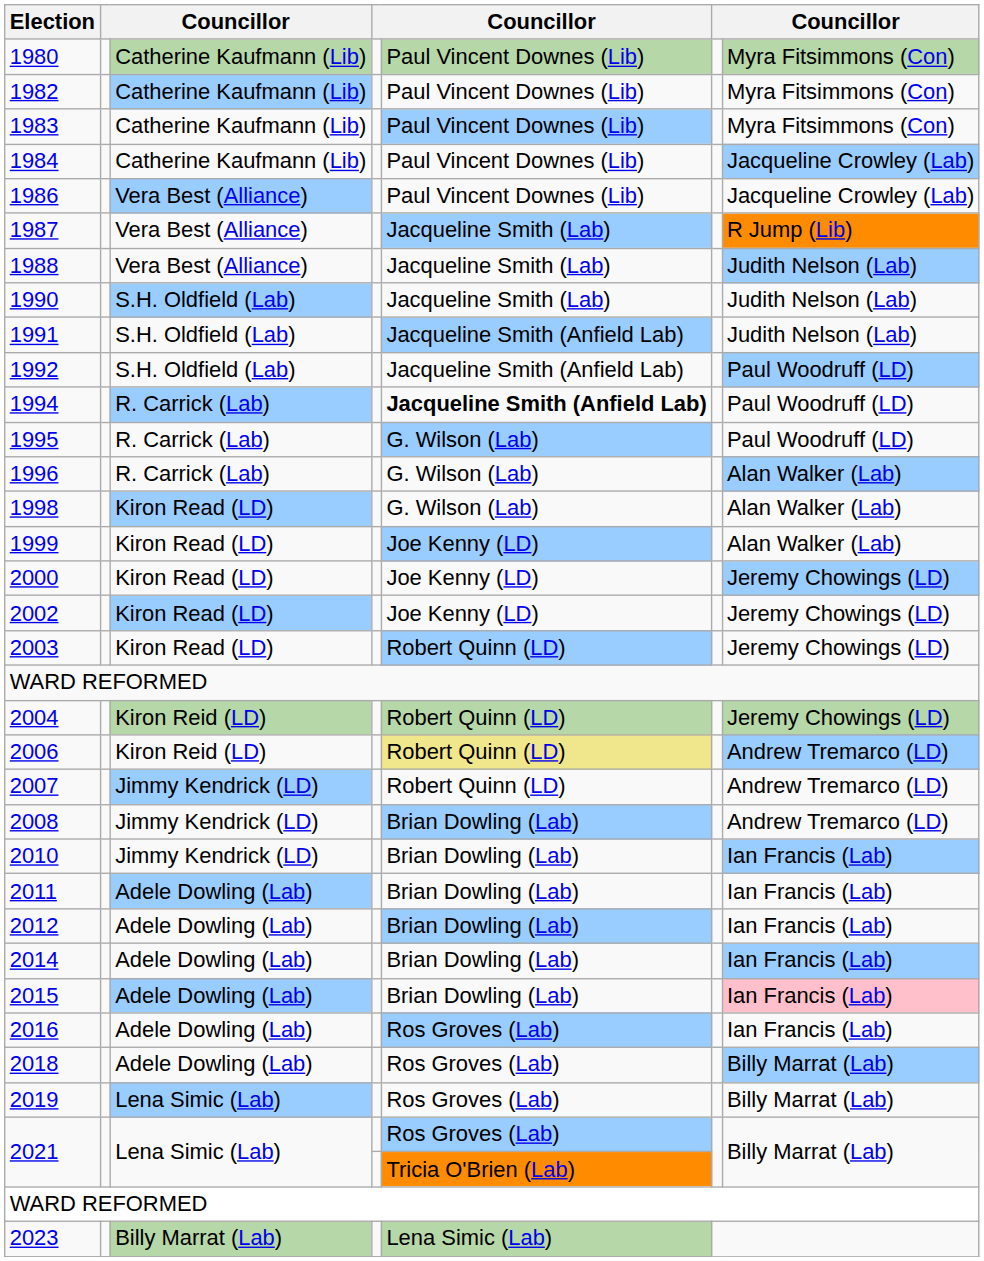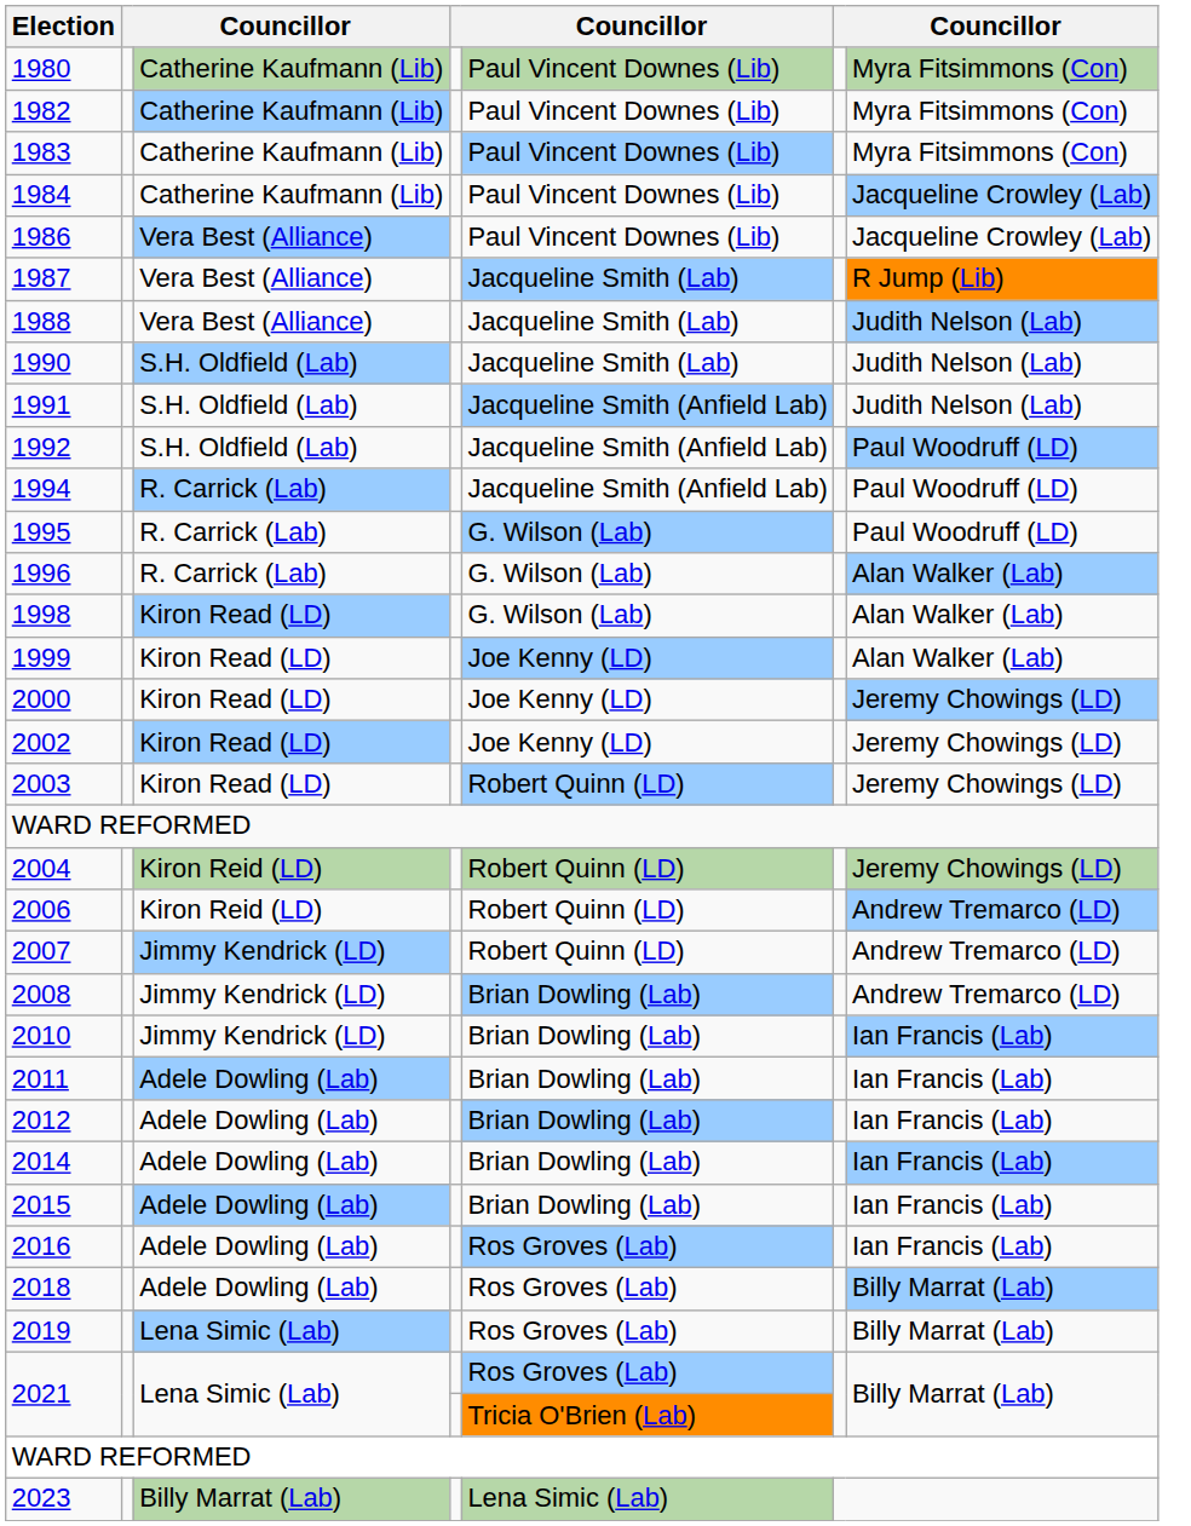 <table class="wikitable">
 <tr>
 <th>Election</th>
 <th colspan="2">Councillor</th>
 <th colspan="2">Councillor</th>
 <th colspan="2">Councillor</th>
 </tr>
 <tr>
 <td><a href='#'>1980</a></td>
 <td style="background-color: "></td>
 <td bgcolor="#B6D7A8">Catherine Kaufmann (<a href='#'>Lib</a>)</td>
 <td style="background-color: "></td>
 <td bgcolor="#B6D7A8">Paul Vincent Downes (<a href='#'>Lib</a>)</td>
 <td style="background-color: "></td>
 <td bgcolor="#B6D7A8">Myra Fitsimmons (<a href='#'>Con</a>)</td>
 </tr>
 <tr>
 <td><a href='#'>1982</a></td>
 <td style="background-color: "></td>
 <td bgcolor="#99CCFF">Catherine Kaufmann (<a href='#'>Lib</a>)</td>
 <td style="background-color: "></td>
 <td>Paul Vincent Downes (<a href='#'>Lib</a>)</td>
 <td style="background-color: "></td>
 <td>Myra Fitsimmons (<a href='#'>Con</a>)</td>
 </tr>
 <tr>
 <td><a href='#'>1983</a></td>
 <td style="background-color: "></td>
 <td>Catherine Kaufmann (<a href='#'>Lib</a>)</td>
 <td style="background-color: "></td>
 <td bgcolor="#99CCFF">Paul Vincent Downes (<a href='#'>Lib</a>)</td>
 <td style="background-color: "></td>
 <td>Myra Fitsimmons (<a href='#'>Con</a>)</td>
 </tr>
 <tr>
 <td><a href='#'>1984</a></td>
 <td style="background-color: "></td>
 <td>Catherine Kaufmann (<a href='#'>Lib</a>)</td>
 <td style="background-color: "></td>
 <td>Paul Vincent Downes (<a href='#'>Lib</a>)</td>
 <td style="background-color: "></td>
 <td bgcolor="#99CCFF">Jacqueline Crowley (<a href='#'>Lab</a>)</td>
 </tr>
 <tr>
 <td><a href='#'>1986</a></td>
 <td style="background-color: "></td>
 <td bgcolor="#99CCFF">Vera Best (<a href='#'>Alliance</a>)</td>
 <td style="background-color: "></td>
 <td>Paul Vincent Downes (<a href='#'>Lib</a>)</td>
 <td style="background-color: "></td>
 <td>Jacqueline Crowley (<a href='#'>Lab</a>)</td>
 </tr>
 <tr>
 <td><a href='#'>1987</a></td>
 <td style="background-color: "></td>
 <td>Vera Best (<a href='#'>Alliance</a>)</td>
 <td style="background-color: "></td>
 <td bgcolor="#99CCFF">Jacqueline Smith (<a href='#'>Lab</a>)</td>
 <td style="background-color: "></td>
 <td bgcolor="#FF8C00">R Jump (<a href='#'>Lib</a>)</td>
 </tr>
 <tr>
 <td><a href='#'>1988</a></td>
 <td style="background-color: "></td>
 <td>Vera Best (<a href='#'>Alliance</a>)</td>
 <td style="background-color: "></td>
 <td>Jacqueline Smith (<a href='#'>Lab</a>)</td>
 <td style="background-color: "></td>
 <td bgcolor="#99CCFF">Judith Nelson (<a href='#'>Lab</a>)</td>
 </tr>
 <tr>
 <td><a href='#'>1990</a></td>
 <td style="background-color: "></td>
 <td bgcolor="#99CCFF">S.H. Oldfield (<a href='#'>Lab</a>)</td>
 <td style="background-color: "></td>
 <td>Jacqueline Smith (<a href='#'>Lab</a>)</td>
 <td style="background-color: "></td>
 <td>Judith Nelson (<a href='#'>Lab</a>)</td>
 </tr>
 <tr>
 <td><a href='#'>1991</a></td>
 <td style="background-color: "></td>
 <td>S.H. Oldfield (<a href='#'>Lab</a>)</td>
 <td style="background-color: "></td>
 <td bgcolor="#99CCFF">Jacqueline Smith (Anfield Lab)</td>
 <td style="background-color: "></td>
 <td>Judith Nelson (<a href='#'>Lab</a>)</td>
 </tr>
 <tr>
 <td><a href='#'>1992</a></td>
 <td style="background-color: "></td>
 <td>S.H. Oldfield (<a href='#'>Lab</a>)</td>
 <td style="background-color: "></td>
 <td>Jacqueline Smith (Anfield Lab)</td>
 <td style="background-color: "></td>
 <td bgcolor="#99CCFF">Paul Woodruff (<a href='#'>LD</a>)</td>
 </tr>
 <tr>
 <td><a href='#'>1994</a></td>
 <td style="background-color: "></td>
 <td bgcolor="#99CCFF">R. Carrick (<a href='#'>Lab</a>)</td>
 <td style="background-color: "></td>
-<td><strong>Jacqueline Smith (Anfield Lab)</strong></td>
+<td>Jacqueline Smith (Anfield Lab)</td>
 <td style="background-color: "></td>
 <td>Paul Woodruff (<a href='#'>LD</a>)</td>
 </tr>
 <tr>
 <td><a href='#'>1995</a></td>
 <td style="background-color: "></td>
 <td>R. Carrick (<a href='#'>Lab</a>)</td>
 <td style="background-color: "></td>
 <td bgcolor="#99CCFF">G. Wilson (<a href='#'>Lab</a>)</td>
 <td style="background-color: "></td>
 <td>Paul Woodruff (<a href='#'>LD</a>)</td>
 </tr>
 <tr>
 <td><a href='#'>1996</a></td>
 <td style="background-color: "></td>
 <td>R. Carrick (<a href='#'>Lab</a>)</td>
 <td style="background-color: "></td>
 <td>G. Wilson (<a href='#'>Lab</a>)</td>
 <td style="background-color: "></td>
 <td bgcolor="#99CCFF">Alan Walker (<a href='#'>Lab</a>)</td>
 </tr>
 <tr>
 <td><a href='#'>1998</a></td>
 <td style="background-color: "></td>
 <td bgcolor="#99CCFF">Kiron Read (<a href='#'>LD</a>)</td>
 <td style="background-color: "></td>
 <td>G. Wilson (<a href='#'>Lab</a>)</td>
 <td style="background-color: "></td>
 <td>Alan Walker (<a href='#'>Lab</a>)</td>
 </tr>
 <tr>
 <td><a href='#'>1999</a></td>
 <td style="background-color: "></td>
 <td>Kiron Read (<a href='#'>LD</a>)</td>
 <td style="background-color: "></td>
 <td bgcolor="#99CCFF">Joe Kenny (<a href='#'>LD</a>)</td>
 <td style="background-color: "></td>
 <td>Alan Walker (<a href='#'>Lab</a>)</td>
 </tr>
 <tr>
 <td><a href='#'>2000</a></td>
 <td style="background-color: "></td>
 <td>Kiron Read (<a href='#'>LD</a>)</td>
 <td style="background-color: "></td>
 <td>Joe Kenny (<a href='#'>LD</a>)</td>
 <td style="background-color: "></td>
 <td bgcolor="#99CCFF">Jeremy Chowings (<a href='#'>LD</a>)</td>
 </tr>
 <tr>
 <td><a href='#'>2002</a></td>
 <td style="background-color: "></td>
 <td bgcolor="#99CCFF">Kiron Read (<a href='#'>LD</a>)</td>
 <td style="background-color: "></td>
 <td>Joe Kenny (<a href='#'>LD</a>)</td>
 <td style="background-color: "></td>
 <td>Jeremy Chowings (<a href='#'>LD</a>)</td>
 </tr>
 <tr>
 <td><a href='#'>2003</a></td>
 <td style="background-color: "></td>
 <td>Kiron Read (<a href='#'>LD</a>)</td>
 <td style="background-color: "></td>
 <td bgcolor="#99CCFF">Robert Quinn (<a href='#'>LD</a>)</td>
 <td style="background-color: "></td>
 <td>Jeremy Chowings (<a href='#'>LD</a>)</td>
 </tr>
 <tr>
 <td colspan="7"><div>WARD REFORMED </div></td>
 </tr>
 <tr>
 <td><a href='#'>2004</a></td>
 <td style="background-color: "></td>
 <td bgcolor="#B6D7A8">Kiron Reid (<a href='#'>LD</a>)</td>
 <td style="background-color: "></td>
 <td bgcolor="#B6D7A8">Robert Quinn (<a href='#'>LD</a>)</td>
 <td style="background-color: "></td>
 <td bgcolor="#B6D7A8">Jeremy Chowings (<a href='#'>LD</a>)</td>
 </tr>
 <tr>
 <td><a href='#'>2006</a></td>
 <td style="background-color: "></td>
 <td>Kiron Reid (<a href='#'>LD</a>)</td>
 <td style="background-color: "></td>
-<td style="background: khaki;">Robert Quinn (<a href='#'>LD</a>)</td>
+<td>Robert Quinn (<a href='#'>LD</a>)</td>
 <td style="background-color: "></td>
 <td bgcolor="#99CCFF">Andrew Tremarco (<a href='#'>LD</a>)</td>
 </tr>
 <tr>
 <td><a href='#'>2007</a></td>
 <td style="background-color: "></td>
 <td bgcolor="#99CCFF">Jimmy Kendrick (<a href='#'>LD</a>)</td>
 <td style="background-color: "></td>
 <td>Robert Quinn (<a href='#'>LD</a>)</td>
 <td style="background-color: "></td>
 <td>Andrew Tremarco (<a href='#'>LD</a>)</td>
 </tr>
 <tr>
 <td><a href='#'>2008</a></td>
 <td style="background-color: "></td>
 <td>Jimmy Kendrick (<a href='#'>LD</a>)</td>
 <td style="background-color: "></td>
 <td bgcolor="#99CCFF">Brian Dowling (<a href='#'>Lab</a>)</td>
 <td style="background-color: "></td>
 <td>Andrew Tremarco (<a href='#'>LD</a>)</td>
 </tr>
 <tr>
 <td><a href='#'>2010</a></td>
 <td style="background-color: "></td>
 <td>Jimmy Kendrick (<a href='#'>LD</a>)</td>
 <td style="background-color: "></td>
 <td>Brian Dowling (<a href='#'>Lab</a>)</td>
 <td style="background-color: "></td>
 <td bgcolor="#99CCFF">Ian Francis (<a href='#'>Lab</a>)</td>
 </tr>
 <tr>
 <td><a href='#'>2011</a></td>
 <td style="background-color: "></td>
 <td bgcolor="#99CCFF">Adele Dowling (<a href='#'>Lab</a>)</td>
 <td style="background-color: "></td>
 <td>Brian Dowling (<a href='#'>Lab</a>)</td>
 <td style="background-color: "></td>
 <td>Ian Francis (<a href='#'>Lab</a>)</td>
 </tr>
 <tr>
 <td><a href='#'>2012</a></td>
 <td style="background-color: "></td>
 <td>Adele Dowling (<a href='#'>Lab</a>)</td>
 <td style="background-color: "></td>
 <td bgcolor="#99CCFF">Brian Dowling (<a href='#'>Lab</a>)</td>
 <td style="background-color: "></td>
 <td>Ian Francis (<a href='#'>Lab</a>)</td>
 </tr>
 <tr>
 <td><a href='#'>2014</a></td>
 <td style="background-color: "></td>
 <td>Adele Dowling (<a href='#'>Lab</a>)</td>
 <td style="background-color: "></td>
 <td>Brian Dowling (<a href='#'>Lab</a>)</td>
 <td style="background-color: "></td>
 <td bgcolor="#99CCFF">Ian Francis (<a href='#'>Lab</a>)</td>
 </tr>
 <tr>
 <td><a href='#'>2015</a></td>
 <td style="background-color: "></td>
 <td bgcolor="#99CCFF">Adele Dowling (<a href='#'>Lab</a>)</td>
 <td style="background-color: "></td>
 <td>Brian Dowling (<a href='#'>Lab</a>)</td>
 <td style="background-color: "></td>
-<td style="background: pink;">Ian Francis (<a href='#'>Lab</a>)</td>
+<td>Ian Francis (<a href='#'>Lab</a>)</td>
 </tr>
 <tr>
 <td><a href='#'>2016</a></td>
 <td style="background-color: "></td>
 <td>Adele Dowling (<a href='#'>Lab</a>)</td>
 <td style="background-color: "></td>
 <td bgcolor="#99CCFF">Ros Groves (<a href='#'>Lab</a>)</td>
 <td style="background-color: "></td>
 <td>Ian Francis (<a href='#'>Lab</a>)</td>
 </tr>
 <tr>
 <td><a href='#'>2018</a></td>
 <td style="background-color: "></td>
 <td>Adele Dowling (<a href='#'>Lab</a>)</td>
 <td style="background-color: "></td>
 <td>Ros Groves (<a href='#'>Lab</a>)</td>
 <td style="background-color: "></td>
 <td bgcolor="#99CCFF">Billy Marrat (<a href='#'>Lab</a>)</td>
 </tr>
 <tr>
 <td><a href='#'>2019</a></td>
 <td style="background-color: "></td>
 <td bgcolor="#99CCFF">Lena Simic (<a href='#'>Lab</a>)</td>
 <td style="background-color: "></td>
 <td>Ros Groves (<a href='#'>Lab</a>)</td>
 <td style="background-color: "></td>
 <td>Billy Marrat (<a href='#'>Lab</a>)</td>
 </tr>
 <tr>
 <td rowspan="2"><a href='#'>2021</a></td>
 <td rowspan="2" style="background-color: "></td>
 <td rowspan="2">Lena Simic (<a href='#'>Lab</a>)</td>
 <td style="background-color: "></td>
 <td bgcolor="#99CCFF">Ros Groves (<a href='#'>Lab</a>)</td>
 <td rowspan="2" style="background-color: "></td>
 <td rowspan="2">Billy Marrat (<a href='#'>Lab</a>)</td>
 </tr>
 <tr>
 <td style="background-color: "></td>
 <td bgcolor="#FF8C00">Tricia O'Brien (<a href='#'>Lab</a>)</td>
 </tr>
 <tr>
 <td colspan="8" bgcolor="#FFF"><div>WARD REFORMED</div></td>
 </tr>
 <tr>
 <td><a href='#'>2023</a></td>
 <td style="background-color: "></td>
 <td bgcolor="#B6D7A8">Billy Marrat (<a href='#'>Lab</a>)</td>
 <td style="background-color: "></td>
 <td bgcolor="#B6D7A8">Lena Simic (<a href='#'>Lab</a>)</td>
 </tr>
 <tr>
 </tr>
 </table>
